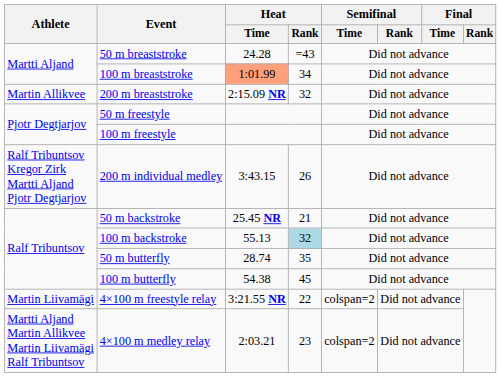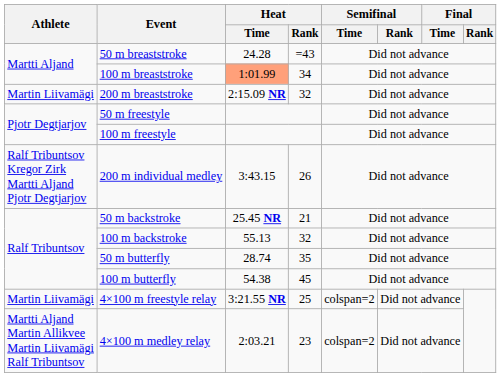 <table class=wikitable style="font-size:90%">
 <tr>
 <th rowspan=2>Athlete</th>
 <th rowspan=2>Event</th>
 <th colspan="2">Heat</th>
 <th colspan="2">Semifinal</th>
 <th colspan="2">Final</th>
 </tr>
 <tr style="font-size:95%">
 <th>Time</th>
 <th>Rank</th>
 <th>Time</th>
 <th>Rank</th>
 <th>Time</th>
 <th>Rank</th>
 </tr>
 <tr align=center>
 <td align=left rowspan=2><a href='#'>Martti Aljand</a></td>
 <td align=left><a href='#'>50 m breaststroke</a></td>
 <td>24.28</td>
 <td>=43</td>
 <td colspan=4>Did not advance</td>
 </tr>
 <tr align=center>
 <td align=left><a href='#'>100 m breaststroke</a></td>
 <td style="background: lightsalmon;">1:01.99</td>
 <td>34</td>
 <td colspan=4>Did not advance</td>
 </tr>
 <tr align=center>
-<td align=left><a href='#'>Martin Allikvee</a></td>
+<td align=left><a href='#'>Martin Liivamägi</a></td>
 <td align=left><a href='#'>200 m breaststroke</a></td>
 <td>2:15.09 <strong><a href='#'>NR</a></strong></td>
 <td>32</td>
 <td colspan=4>Did not advance</td>
 </tr>
 <tr align=center>
 <td align=left rowspan=2><a href='#'>Pjotr Degtjarjov</a></td>
 <td align=left><a href='#'>50 m freestyle</a></td>
 <td colspan=2></td>
 <td colspan=4>Did not advance</td>
 </tr>
 <tr align=center>
 <td align=left><a href='#'>100 m freestyle</a></td>
 <td colspan=2></td>
 <td colspan=4>Did not advance</td>
 </tr>
 <tr align=center>
 <td align=left><a href='#'>Ralf Tribuntsov</a><br><a href='#'>Kregor Zirk</a><br><a href='#'>Martti Aljand</a><br><a href='#'>Pjotr Degtjarjov</a></td>
 <td align=left><a href='#'>200 m individual medley</a></td>
 <td>3:43.15</td>
 <td>26</td>
 <td colspan=4>Did not advance</td>
 </tr>
 <tr align=center>
 <td align=left rowspan=4><a href='#'>Ralf Tribuntsov</a></td>
 <td align=left><a href='#'>50 m backstroke</a></td>
 <td>25.45 <strong><a href='#'>NR</a></strong></td>
 <td>21</td>
 <td colspan=4>Did not advance</td>
 </tr>
 <tr align=center>
 <td align=left><a href='#'>100 m backstroke</a></td>
 <td>55.13</td>
-<td style="background: lightblue;">32</td>
+<td>32</td>
 <td colspan=4>Did not advance</td>
 </tr>
 <tr align=center>
 <td align=left><a href='#'>50 m butterfly</a></td>
 <td>28.74</td>
 <td>35</td>
 <td colspan=4>Did not advance</td>
 </tr>
 <tr align=center>
 <td align=left><a href='#'>100 m butterfly</a></td>
 <td>54.38</td>
 <td>45</td>
 <td colspan=4>Did not advance</td>
 </tr>
 <tr align=center>
 <td align=left><a href='#'>Martin Liivamägi</a></td>
 <td align=left><a href='#'>4×100 m freestyle relay</a></td>
 <td>3:21.55 <strong><a href='#'>NR</a></strong></td>
-<td>22</td>
+<td>25</td>
 <td>colspan=2 </td>
 <td colspan=2>Did not advance</td>
 </tr>
 <tr align=center>
 <td align=left><a href='#'>Martti Aljand</a><br><a href='#'>Martin Allikvee</a><br><a href='#'>Martin Liivamägi</a><br><a href='#'>Ralf Tribuntsov</a></td>
 <td align=left><a href='#'>4×100 m medley relay</a></td>
 <td>2:03.21</td>
 <td>23</td>
 <td>colspan=2 </td>
 <td colspan=2>Did not advance</td>
 </tr>
 </table>
